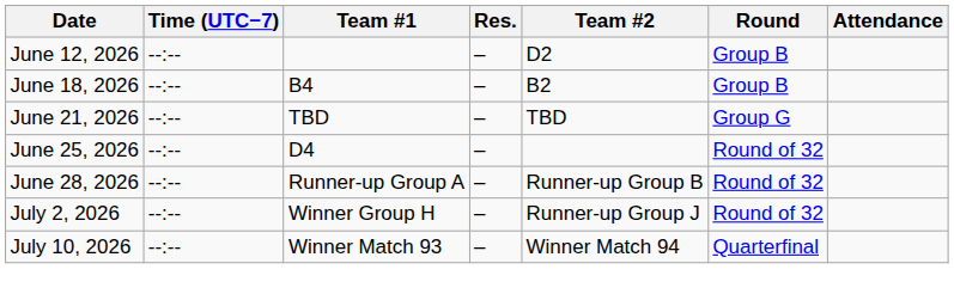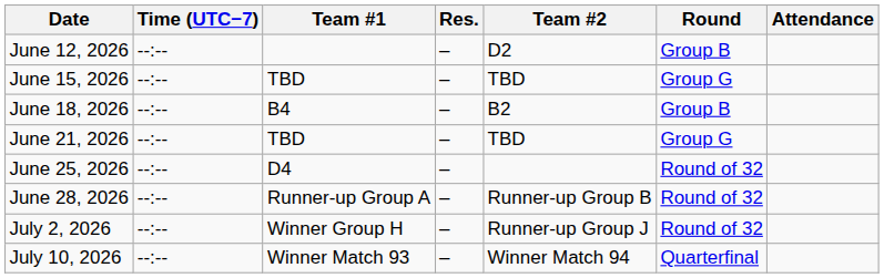 <table class="wikitable sortable">
 <tr>
 <th style="text-align:center;">Date</th>
 <th style="text-align:center;">Time (<a href='#'>UTC−7</a>)</th>
 <th style="text-align:center;">Team #1</th>
 <th style="text-align:center;">Res.</th>
 <th style="text-align:center;">Team #2</th>
 <th style="text-align:center;">Round</th>
 <th>Attendance</th>
 </tr>
 <tr>
 <td>June 12, 2026</td>
 <td>--:--</td>
 <td></td>
 <td>–</td>
 <td>D2</td>
 <td><a href='#'>Group B</a></td>
+<td></td>
+</tr>
+<tr>
+<td>June 15, 2026</td>
+<td>--:--</td>
+<td>TBD</td>
+<td>–</td>
+<td>TBD</td>
+<td><a href='#'>Group G</a></td>
 <td></td>
 </tr>
 <tr>
 <td>June 18, 2026</td>
 <td>--:--</td>
 <td>B4</td>
 <td>–</td>
 <td>B2</td>
 <td><a href='#'>Group B</a></td>
 <td></td>
 </tr>
 <tr>
 <td>June 21, 2026</td>
 <td>--:--</td>
 <td>TBD</td>
 <td>–</td>
 <td>TBD</td>
 <td><a href='#'>Group G</a></td>
 <td></td>
 </tr>
 <tr>
 <td>June 25, 2026</td>
 <td>--:--</td>
 <td>D4</td>
 <td>–</td>
 <td></td>
 <td><a href='#'>Round of 32</a></td>
 <td></td>
 </tr>
 <tr>
 <td>June 28, 2026</td>
 <td>--:--</td>
 <td>Runner-up Group A</td>
 <td>–</td>
 <td>Runner-up Group B</td>
 <td><a href='#'>Round of 32</a></td>
 <td></td>
 </tr>
 <tr>
 <td>July 2, 2026</td>
 <td>--:--</td>
 <td>Winner Group H</td>
 <td>–</td>
 <td>Runner-up Group J</td>
 <td><a href='#'>Round of 32</a></td>
 <td></td>
 </tr>
 <tr>
 <td>July 10, 2026</td>
 <td>--:--</td>
 <td>Winner Match 93</td>
 <td>–</td>
 <td>Winner Match 94</td>
 <td><a href='#'>Quarterfinal</a></td>
 <td></td>
 </tr>
 </table>
